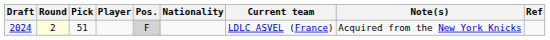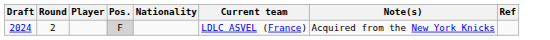 <table class="wikitable sortable" style="text-align:left; font-size:90%;">
 <tr>
 <th>Draft</th>
 <th>Round</th>
-<th>Pick</th>
 <th>Player</th>
 <th>Pos.</th>
 <th>Nationality</th>
 <th>Current team</th>
 <th>Note(s)</th>
 <th class="unsortable">Ref</th>
 </tr>
 <tr>
 <td style="text-align:center;"><a href='#'>2024</a></td>
-<td style="background: lightyellow; text-align:center;">2</td>
-<td style="text-align:center;">51</td>
+<td style="text-align:center;">2</td>
 <td></td>
 <td style="background: lightgrey; text-align:center;">F</td>
 <td></td>
 <td><a href='#'>LDLC ASVEL</a> (<a href='#'>France</a>)</td>
 <td>Acquired from the <a href='#'>New York Knicks</a></td>
 <td style="text-align:center;"></td>
 </tr>
 </table>
